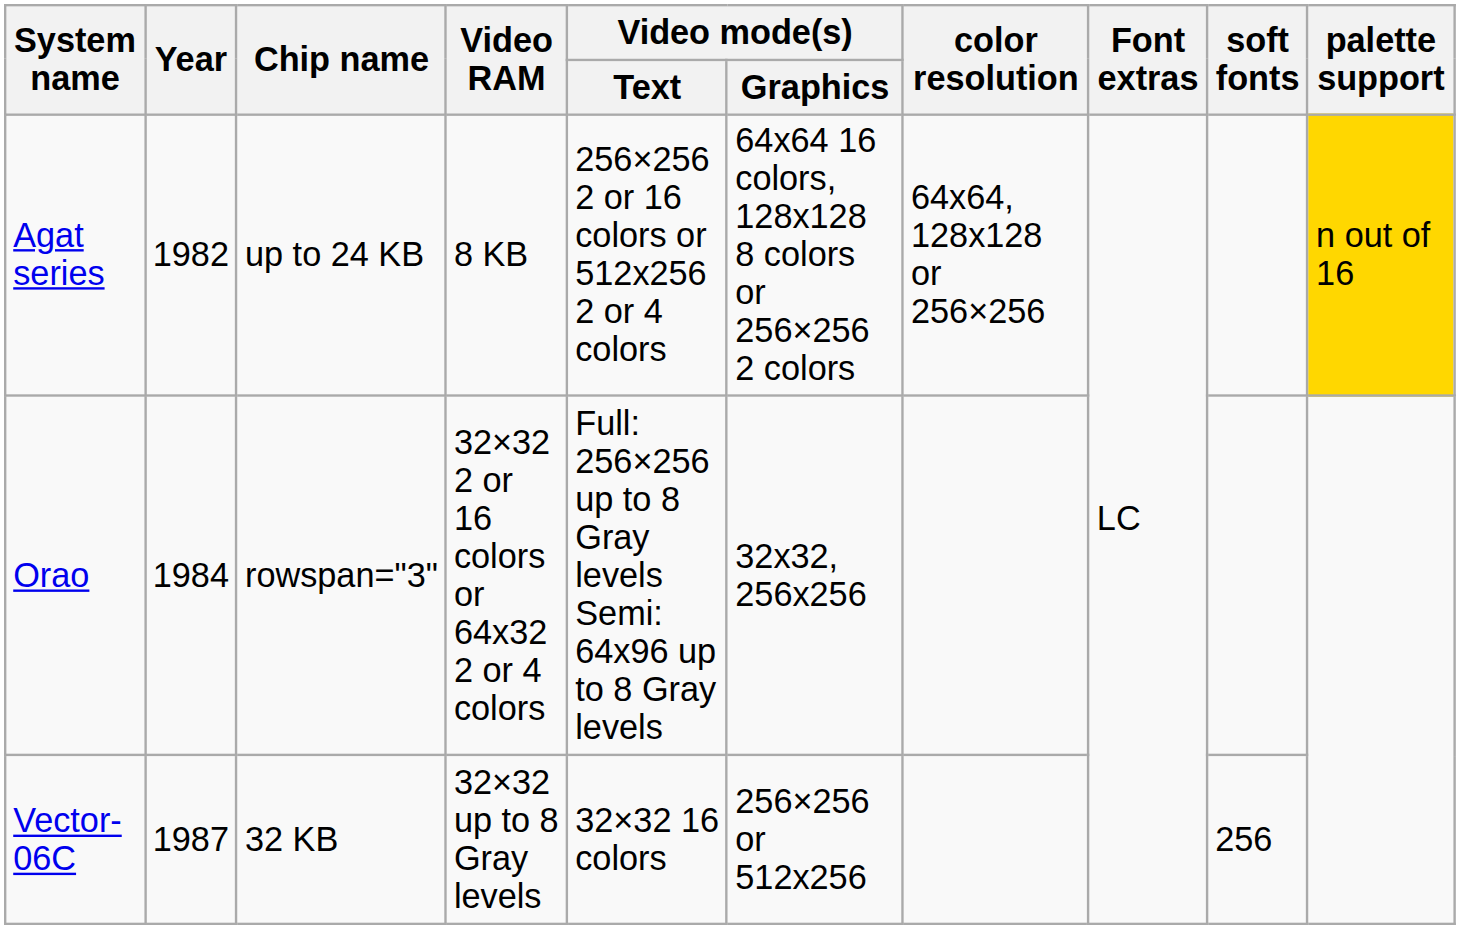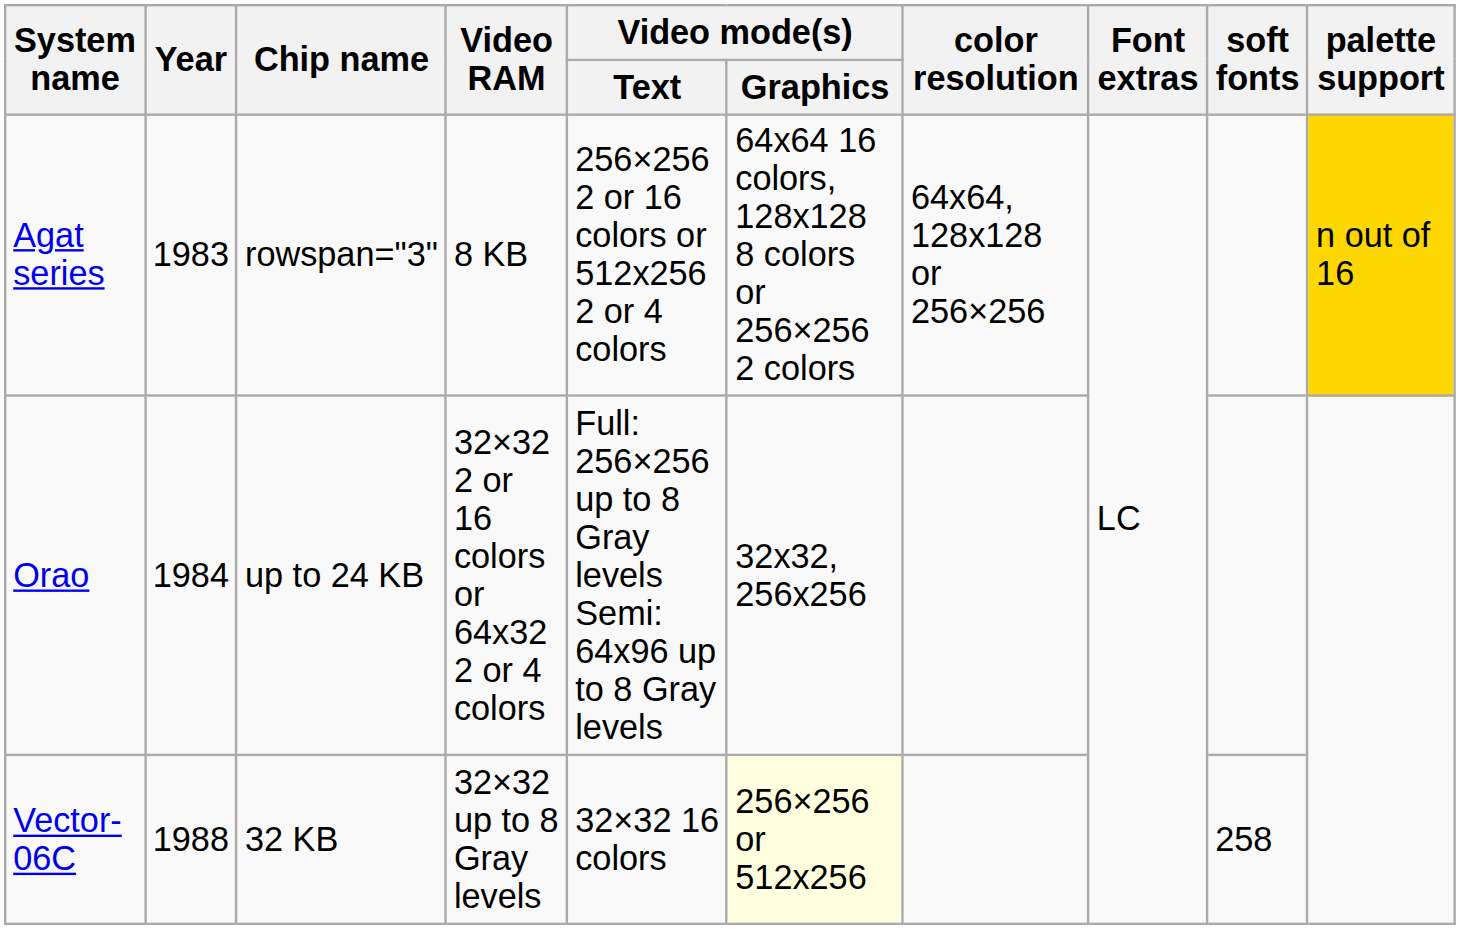 <table class="wikitable" style="font-size: 90%;">
 <tr>
 <th rowspan="2">System name</th>
 <th rowspan="2">Year</th>
 <th rowspan="2">Chip name</th>
 <th rowspan="2">Video RAM</th>
 <th colspan="2">Video mode(s)</th>
 <th rowspan="2">color resolution</th>
 <th rowspan="2">Font extras</th>
 <th rowspan="2">soft fonts</th>
 <th rowspan="2">palette support</th>
 </tr>
 <tr>
 <th>Text</th>
 <th>Graphics</th>
 </tr>
 <tr>
 <td><a href='#'>Agat series</a></td>
-<td>1982</td>
-<td>up to 24 KB</td>
+<td>1983</td>
+<td>rowspan="3" </td>
 <td>8 KB</td>
 <td>256×256 2 or 16 colors or 512x256 2 or 4 colors</td>
 <td>64x64 16 colors, 128x128 8 colors or 256×256 2 colors</td>
 <td>64x64, 128x128 or 256×256</td>
 <td rowspan="3">LC</td>
 <td></td>
 <td style="background: gold;">n out of 16</td>
 </tr>
 <tr>
 <td><a href='#'>Orao</a></td>
 <td>1984</td>
-<td>rowspan="3" </td>
+<td>up to 24 KB</td>
 <td>32×32 2 or 16 colors or 64x32 2 or 4 colors</td>
 <td>Full: 256×256 up to 8 Gray levels<br>Semi: 64x96 up to 8 Gray levels</td>
 <td>32x32, 256x256</td>
 <td></td>
 <td></td>
 </tr>
 <tr>
 <td><a href='#'>Vector-06C</a></td>
-<td>1987</td>
+<td>1988</td>
 <td>32 KB</td>
 <td>32×32 up to 8 Gray levels</td>
 <td>32×32 16 colors</td>
-<td>256×256 or 512x256</td>
+<td style="background: lightyellow;">256×256 or 512x256</td>
 <td></td>
-<td>256</td>
+<td>258</td>
 </tr>
 </table>
